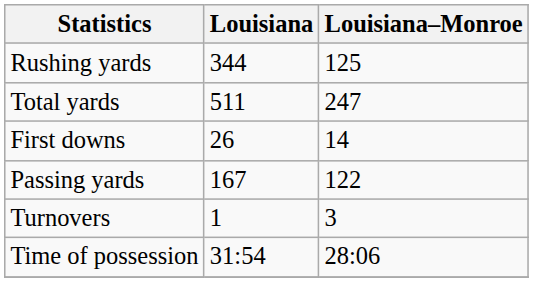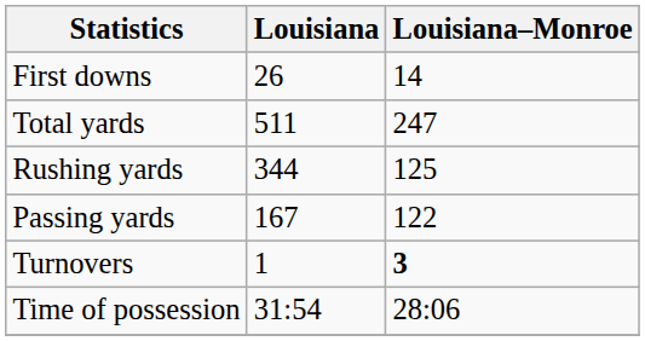 <table class="wikitable">
 <tr>
 <th>Statistics</th>
 <th>Louisiana</th>
 <th>Louisiana–Monroe</th>
 </tr>
 <tr>
-<td>Rushing yards</td>
-<td>344</td>
-<td>125</td>
+<td>First downs</td>
+<td>26</td>
+<td>14</td>
 </tr>
 <tr>
 <td>Total yards</td>
 <td>511</td>
 <td>247</td>
 </tr>
 <tr>
-<td>First downs</td>
-<td>26</td>
-<td>14</td>
+<td>Rushing yards</td>
+<td>344</td>
+<td>125</td>
 </tr>
 <tr>
 <td>Passing yards</td>
 <td>167</td>
 <td>122</td>
 </tr>
 <tr>
 <td>Turnovers</td>
 <td>1</td>
-<td>3</td>
+<td><strong>3</strong></td>
 </tr>
 <tr>
 <td>Time of possession</td>
 <td>31:54</td>
 <td>28:06</td>
 </tr>
 <tr>
 </tr>
 </table>
